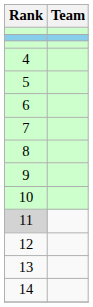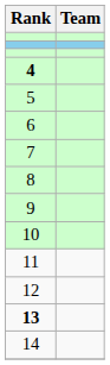 <table class="wikitable" style="text-align: center;">
 <tr>
 <th width=40>Rank</th>
 <th>Team</th>
 </tr>
 <tr bgcolor=#ccffcc align=center>
 <td></td>
 <td style="text-align:left;"></td>
 </tr>
 <tr bgcolor=skyblue align=center>
 <td></td>
 <td style="text-align:left;"></td>
 </tr>
 <tr bgcolor=#ccffcc align=center>
 <td></td>
 <td style="text-align:left;"></td>
 </tr>
 <tr bgcolor=#ccffcc align=center>
-<td>4</td>
+<td><strong>4</strong></td>
 <td style="text-align:left;"></td>
 </tr>
 <tr bgcolor=#ccffcc align=center>
 <td>5</td>
 <td style="text-align:left;"></td>
 </tr>
 <tr bgcolor=#ccffcc align=center>
 <td>6</td>
 <td style="text-align:left;"></td>
 </tr>
 <tr bgcolor=#ccffcc align=center>
 <td>7</td>
 <td style="text-align:left;"></td>
 </tr>
 <tr bgcolor=#ccffcc align=center>
 <td>8</td>
 <td style="text-align:left;"></td>
 </tr>
 <tr bgcolor=#ccffcc align=center>
 <td>9</td>
 <td style="text-align:left;"></td>
 </tr>
 <tr bgcolor=#ccffcc align=center>
 <td>10</td>
 <td style="text-align:left;"></td>
 </tr>
 <tr align=center>
-<td style="background: lightgrey;">11</td>
+<td>11</td>
 <td style="text-align:left;"></td>
 </tr>
 <tr align=center>
 <td>12</td>
 <td style="text-align:left;"></td>
 </tr>
 <tr align=center>
-<td>13</td>
+<td><strong>13</strong></td>
 <td style="text-align:left;"></td>
 </tr>
 <tr align=center>
 <td>14</td>
 <td style="text-align:left;"></td>
 </tr>
 <tr align=center>
 </tr>
 </table>
